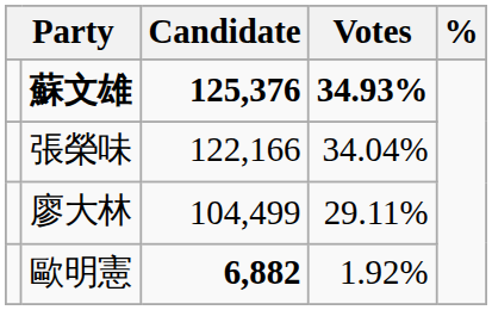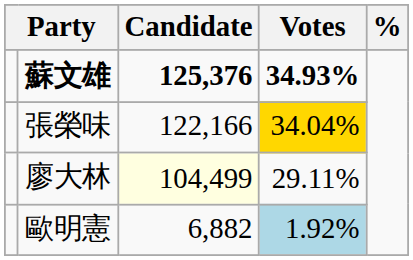 <table class="wikitable">
 <tr>
 <th colspan="2">Party</th>
 <th>Candidate</th>
 <th>Votes</th>
 <th>%</th>
 </tr>
 <tr>
 <td></td>
 <td><strong>蘇文雄</strong></td>
 <td align="right"><strong>125,376</strong></td>
 <td align="right"><strong>34.93%</strong></td>
 </tr>
 <tr>
 <td></td>
 <td>張榮味</td>
 <td align="right">122,166</td>
-<td align="right">34.04%</td>
+<td align="right" style="background: gold;">34.04%</td>
 </tr>
 <tr>
 <td></td>
 <td>廖大林</td>
-<td align="right">104,499</td>
+<td align="right" style="background: lightyellow;">104,499</td>
 <td align="right">29.11%</td>
 </tr>
 <tr>
 <td></td>
 <td>歐明憲</td>
-<td align="right"><strong>6,882</strong></td>
-<td align="right">1.92%</td>
+<td align="right">6,882</td>
+<td align="right" style="background: lightblue;">1.92%</td>
 </tr>
 </table>
